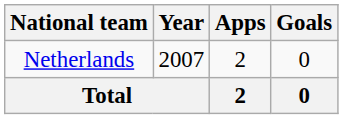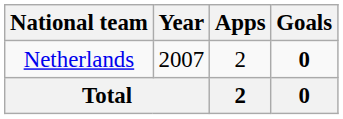 <table class="wikitable" style="text-align:center">
 <tr>
 <th>National team</th>
 <th>Year</th>
 <th>Apps</th>
 <th>Goals</th>
 </tr>
 <tr>
 <td><a href='#'>Netherlands</a></td>
 <td>2007</td>
 <td>2</td>
-<td>0</td>
+<td><strong>0</strong></td>
 </tr>
 <tr>
 <th colspan="2">Total</th>
 <th>2</th>
 <th>0</th>
 </tr>
 </table>
